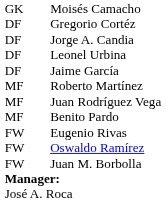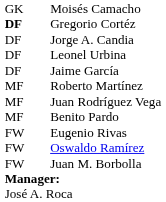 <table cellspacing="0" cellpadding="0" style="font-size:90%; margin:0.2em auto;">
 <tr>
 <th width="25"></th>
 <th width="25"></th>
 </tr>
 <tr>
 <td>GK</td>
 <td></td>
 <td> Moisés Camacho</td>
 </tr>
 <tr>
-<td>DF</td>
+<td><strong>DF</strong></td>
 <td></td>
 <td> Gregorio Cortéz</td>
 </tr>
 <tr>
 <td>DF</td>
 <td></td>
 <td> Jorge A. Candia</td>
 </tr>
 <tr>
 <td>DF</td>
 <td></td>
 <td> Leonel Urbina</td>
 </tr>
 <tr>
 <td>DF</td>
 <td></td>
 <td> Jaime García</td>
 </tr>
 <tr>
 <td>MF</td>
 <td></td>
 <td> Roberto Martínez</td>
 </tr>
 <tr>
 <td>MF</td>
 <td></td>
 <td> Juan Rodríguez Vega</td>
 </tr>
 <tr>
 <td>MF</td>
 <td></td>
 <td> Benito Pardo</td>
 </tr>
 <tr>
 <td>FW</td>
 <td></td>
 <td> Eugenio Rivas</td>
 </tr>
 <tr>
 <td>FW</td>
 <td></td>
 <td> <a href='#'>Oswaldo Ramírez</a></td>
 </tr>
 <tr>
 <td>FW</td>
 <td></td>
 <td> Juan M. Borbolla</td>
 </tr>
 <tr>
 <td colspan=3><strong>Manager:</strong></td>
 </tr>
 <tr>
 <td colspan=4> José A. Roca</td>
 </tr>
 </table>
